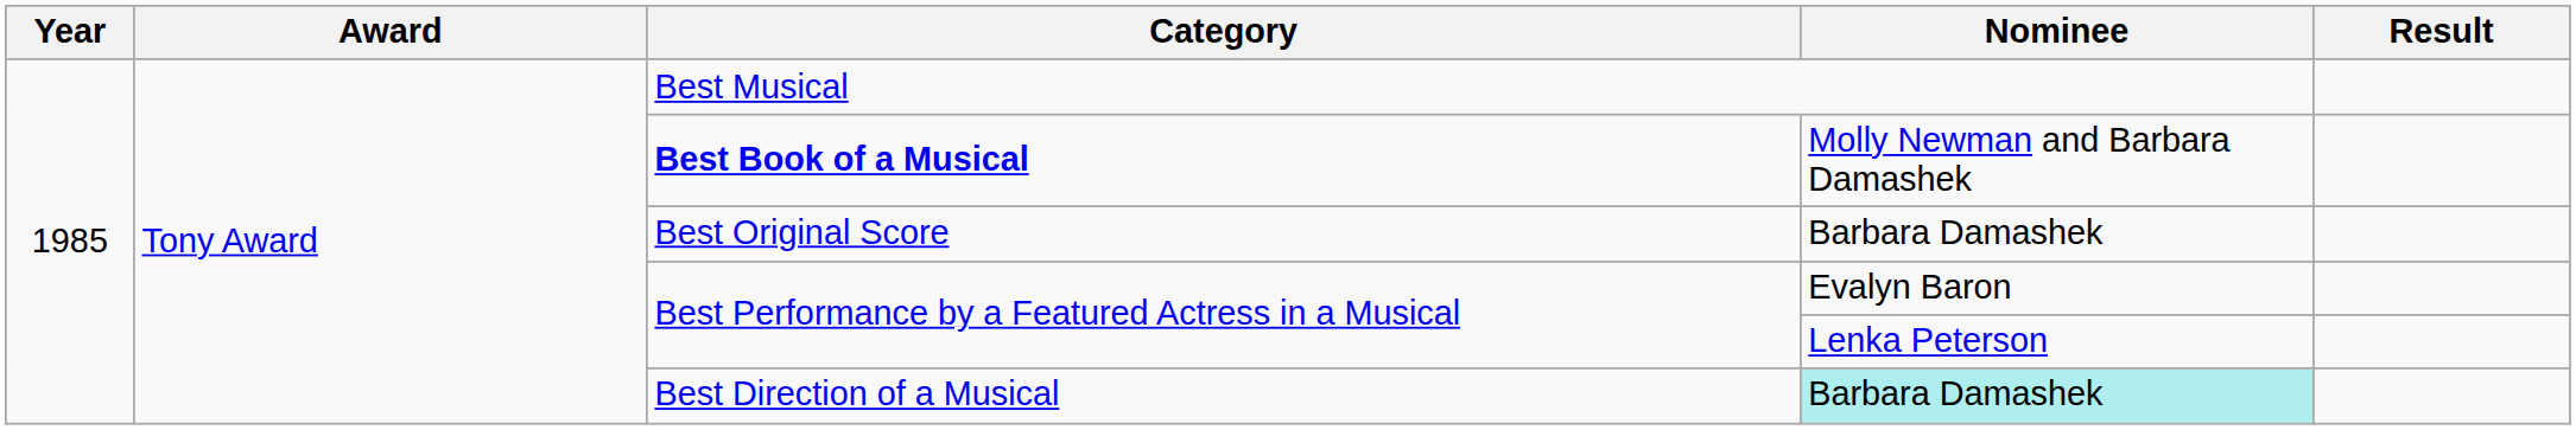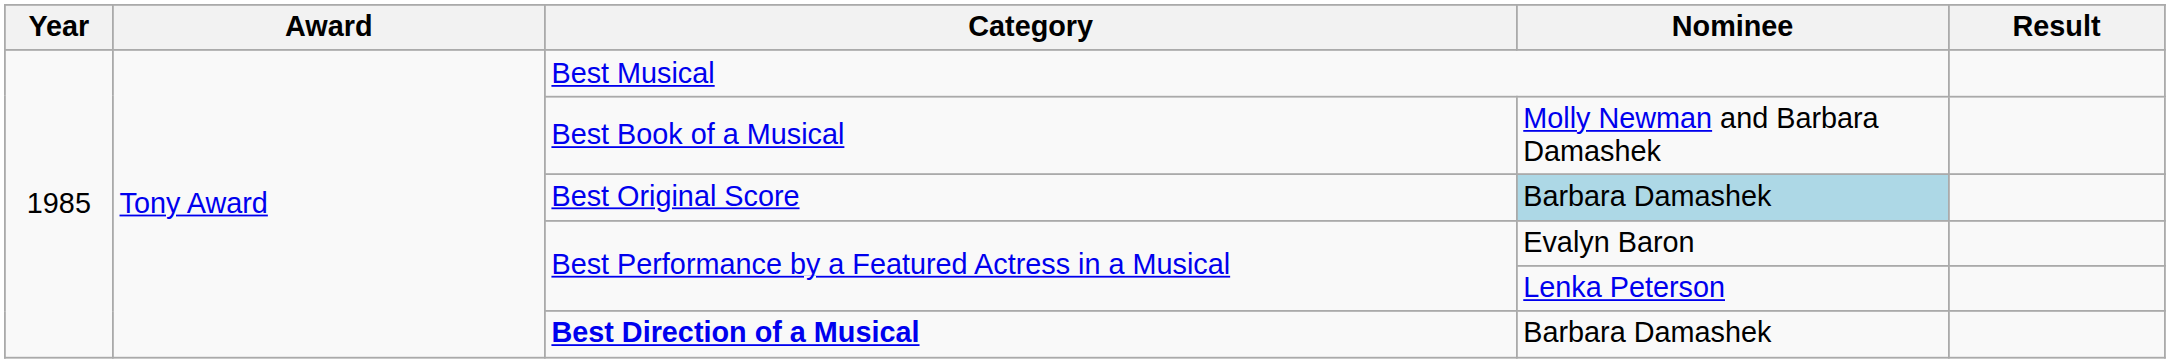 <table class="wikitable" width="95%">
 <tr>
 <th width="5%">Year</th>
 <th width="20%">Award</th>
 <th width="45%">Category</th>
 <th width="20%">Nominee</th>
 <th width="10%">Result</th>
 </tr>
 <tr>
 <td rowspan="6" align="center">1985</td>
 <td rowspan="6"><a href='#'>Tony Award</a></td>
 <td colspan="2"><a href='#'>Best Musical</a></td>
 <td></td>
 </tr>
 <tr>
-<td><strong><a href='#'>Best Book of a Musical</a></strong></td>
+<td><a href='#'>Best Book of a Musical</a></td>
 <td><a href='#'>Molly Newman</a> and Barbara Damashek</td>
 <td></td>
 </tr>
 <tr>
 <td><a href='#'>Best Original Score</a></td>
-<td>Barbara Damashek</td>
+<td style="background: lightblue;">Barbara Damashek</td>
 <td></td>
 </tr>
 <tr>
 <td rowspan="2"><a href='#'>Best Performance by a Featured Actress in a Musical</a></td>
 <td>Evalyn Baron</td>
 <td></td>
 </tr>
 <tr>
 <td><a href='#'>Lenka Peterson</a></td>
 <td></td>
 </tr>
 <tr>
-<td><a href='#'>Best Direction of a Musical</a></td>
-<td style="background: paleturquoise;">Barbara Damashek</td>
+<td><strong><a href='#'>Best Direction of a Musical</a></strong></td>
+<td>Barbara Damashek</td>
 <td></td>
 </tr>
 </table>
